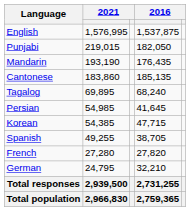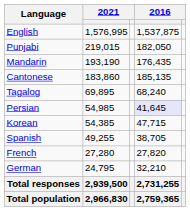 <table class="wikitable sortable">
 <tr>
 <th rowspan="2">Language</th>
 <th colspan="2"><a href='#'>2021</a></th>
 <th colspan="2"><a href='#'>2016</a></th>
 </tr>
 <tr>
 <th><a href='#'></a></th>
 <th></th>
 <th></th>
 <th></th>
 </tr>
 <tr>
 <td><a href='#'>English</a></td>
 <td>1,576,995</td>
 <td></td>
 <td>1,537,875</td>
 <td></td>
 </tr>
 <tr>
 <td><a href='#'>Punjabi</a></td>
 <td>219,015</td>
 <td></td>
 <td>182,050</td>
 <td></td>
 </tr>
 <tr>
 <td><a href='#'>Mandarin</a></td>
 <td>193,190</td>
 <td></td>
 <td>176,435</td>
 <td></td>
 </tr>
 <tr>
 <td><a href='#'>Cantonese</a></td>
 <td>183,860</td>
 <td></td>
 <td>185,135</td>
 <td></td>
 </tr>
 <tr>
 <td><a href='#'>Tagalog</a></td>
 <td>69,895</td>
 <td></td>
 <td>68,240</td>
 <td></td>
 </tr>
 <tr>
 <td><a href='#'>Persian</a></td>
 <td>54,985</td>
 <td></td>
-<td>41,645</td>
+<td style="background: lavender;">41,645</td>
 <td></td>
 </tr>
 <tr>
 <td><a href='#'>Korean</a></td>
 <td>54,385</td>
 <td></td>
 <td>47,715</td>
 <td></td>
 </tr>
 <tr>
 <td><a href='#'>Spanish</a></td>
 <td>49,255</td>
 <td></td>
 <td>38,705</td>
 <td></td>
 </tr>
 <tr>
 <td><a href='#'>French</a></td>
 <td>27,280</td>
 <td></td>
 <td>27,820</td>
 <td></td>
 </tr>
 <tr>
 <td><a href='#'>German</a></td>
 <td>24,795</td>
 <td></td>
 <td>32,210</td>
 <td></td>
 </tr>
 <tr>
 <th>Total responses</th>
 <th>2,939,500</th>
 <th></th>
 <th>2,731,255</th>
 <th></th>
 </tr>
 <tr>
 <th>Total population</th>
 <th>2,966,830</th>
 <th></th>
 <th>2,759,365</th>
 <th></th>
 </tr>
 </table>
